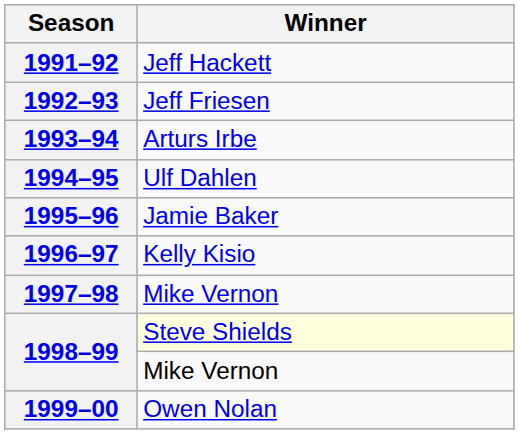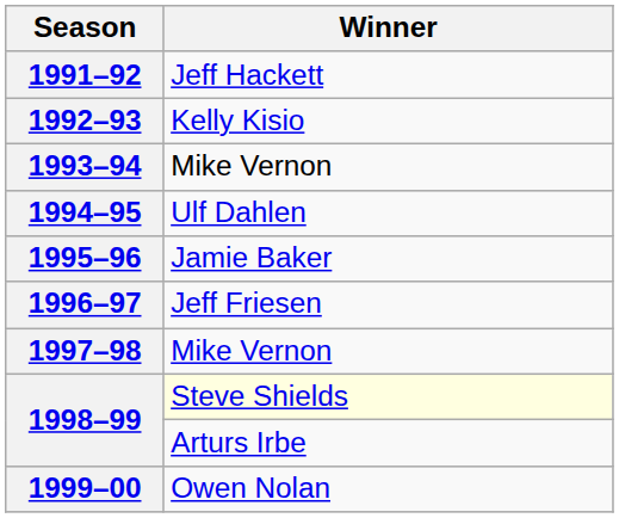 <table class="wikitable">
 <tr>
 <th scope="col" style="width:5em">Season</th>
 <th scope="col" style="width:15em">Winner</th>
 </tr>
 <tr>
 <th scope="row"><a href='#'>1991–92</a></th>
 <td><a href='#'>Jeff Hackett</a></td>
 </tr>
 <tr>
 <th scope="row"><a href='#'>1992–93</a></th>
-<td><a href='#'>Jeff Friesen</a></td>
+<td><a href='#'>Kelly Kisio</a></td>
 </tr>
 <tr>
 <th scope="row"><a href='#'>1993–94</a></th>
-<td><a href='#'>Arturs Irbe</a></td>
+<td>Mike Vernon</td>
 </tr>
 <tr>
 <th scope="row"><a href='#'>1994–95</a></th>
 <td><a href='#'>Ulf Dahlen</a></td>
 </tr>
 <tr>
 <th scope="row"><a href='#'>1995–96</a></th>
 <td><a href='#'>Jamie Baker</a></td>
 </tr>
 <tr>
 <th scope="row"><a href='#'>1996–97</a></th>
-<td><a href='#'>Kelly Kisio</a></td>
+<td><a href='#'>Jeff Friesen</a></td>
 </tr>
 <tr>
 <th scope="row"><a href='#'>1997–98</a></th>
 <td><a href='#'>Mike Vernon</a></td>
 </tr>
 <tr>
 <th scope="row" rowspan="2"><a href='#'>1998–99</a></th>
 <td style="background: lightyellow;"><a href='#'>Steve Shields</a></td>
 </tr>
 <tr>
-<td>Mike Vernon</td>
+<td><a href='#'>Arturs Irbe</a></td>
 </tr>
 <tr>
 <th scope="row"><a href='#'>1999–00</a></th>
 <td><a href='#'>Owen Nolan</a></td>
 </tr>
 </table>
